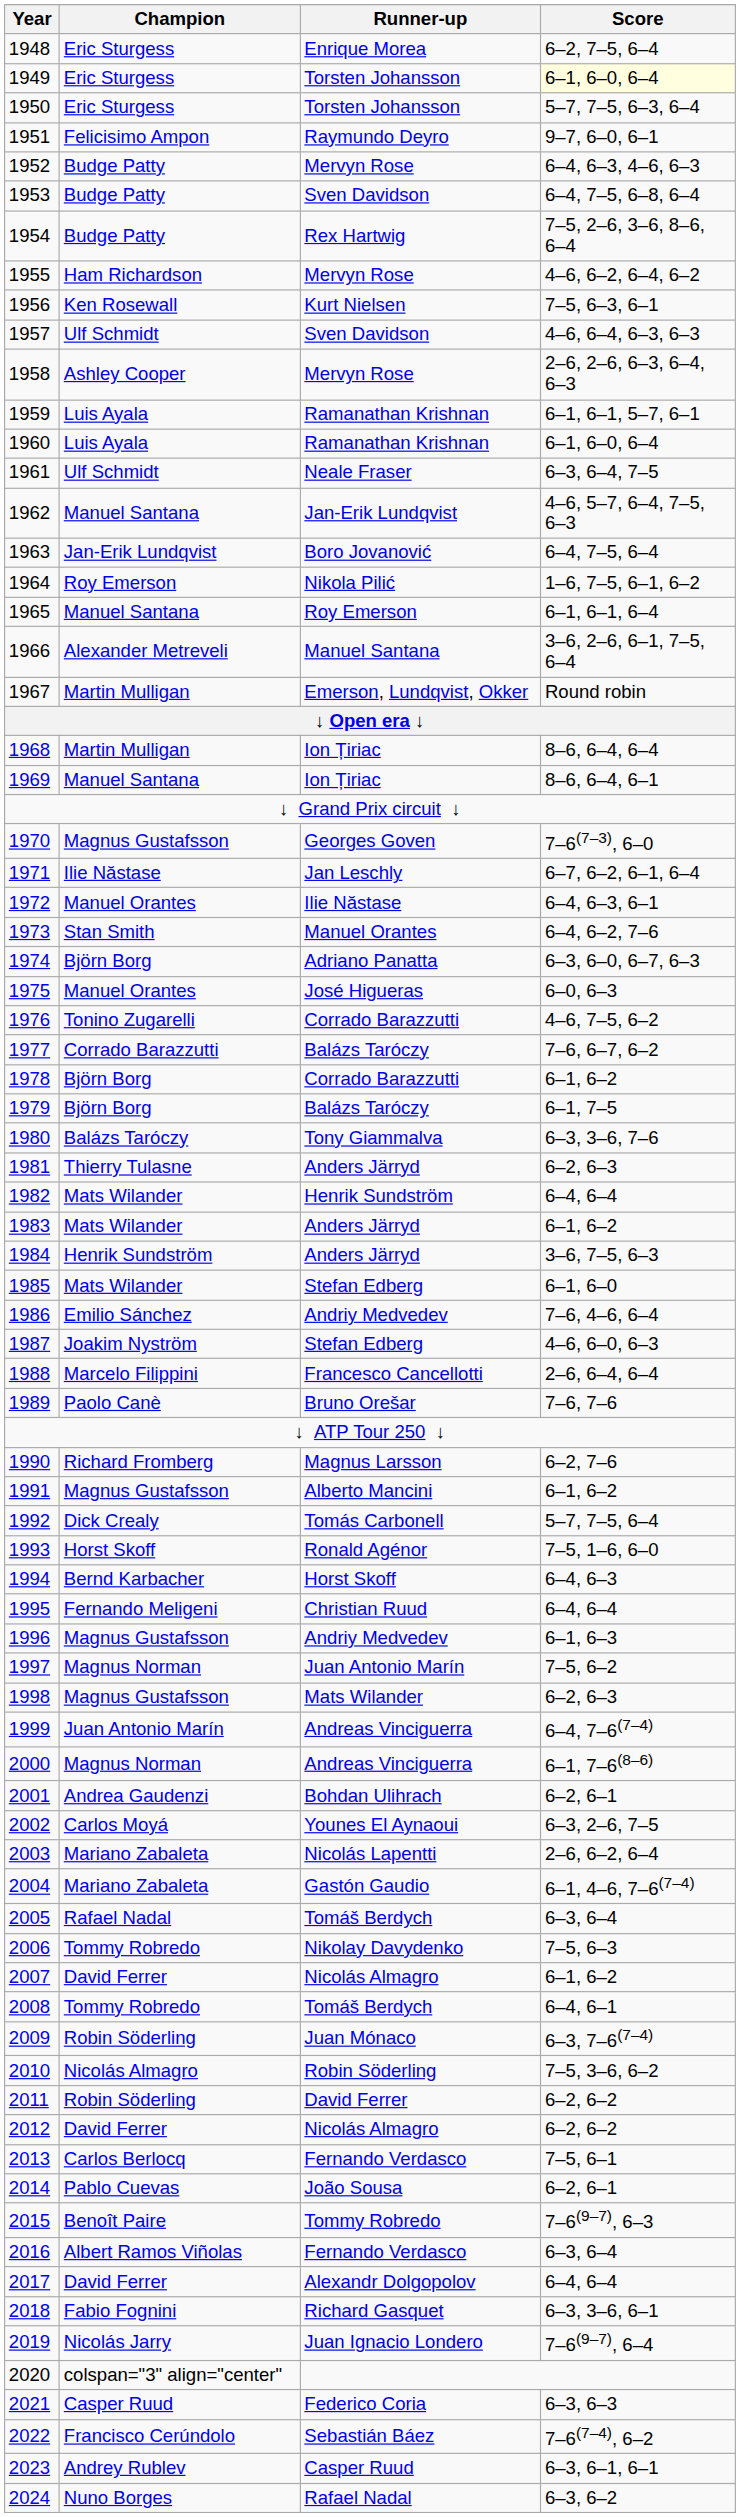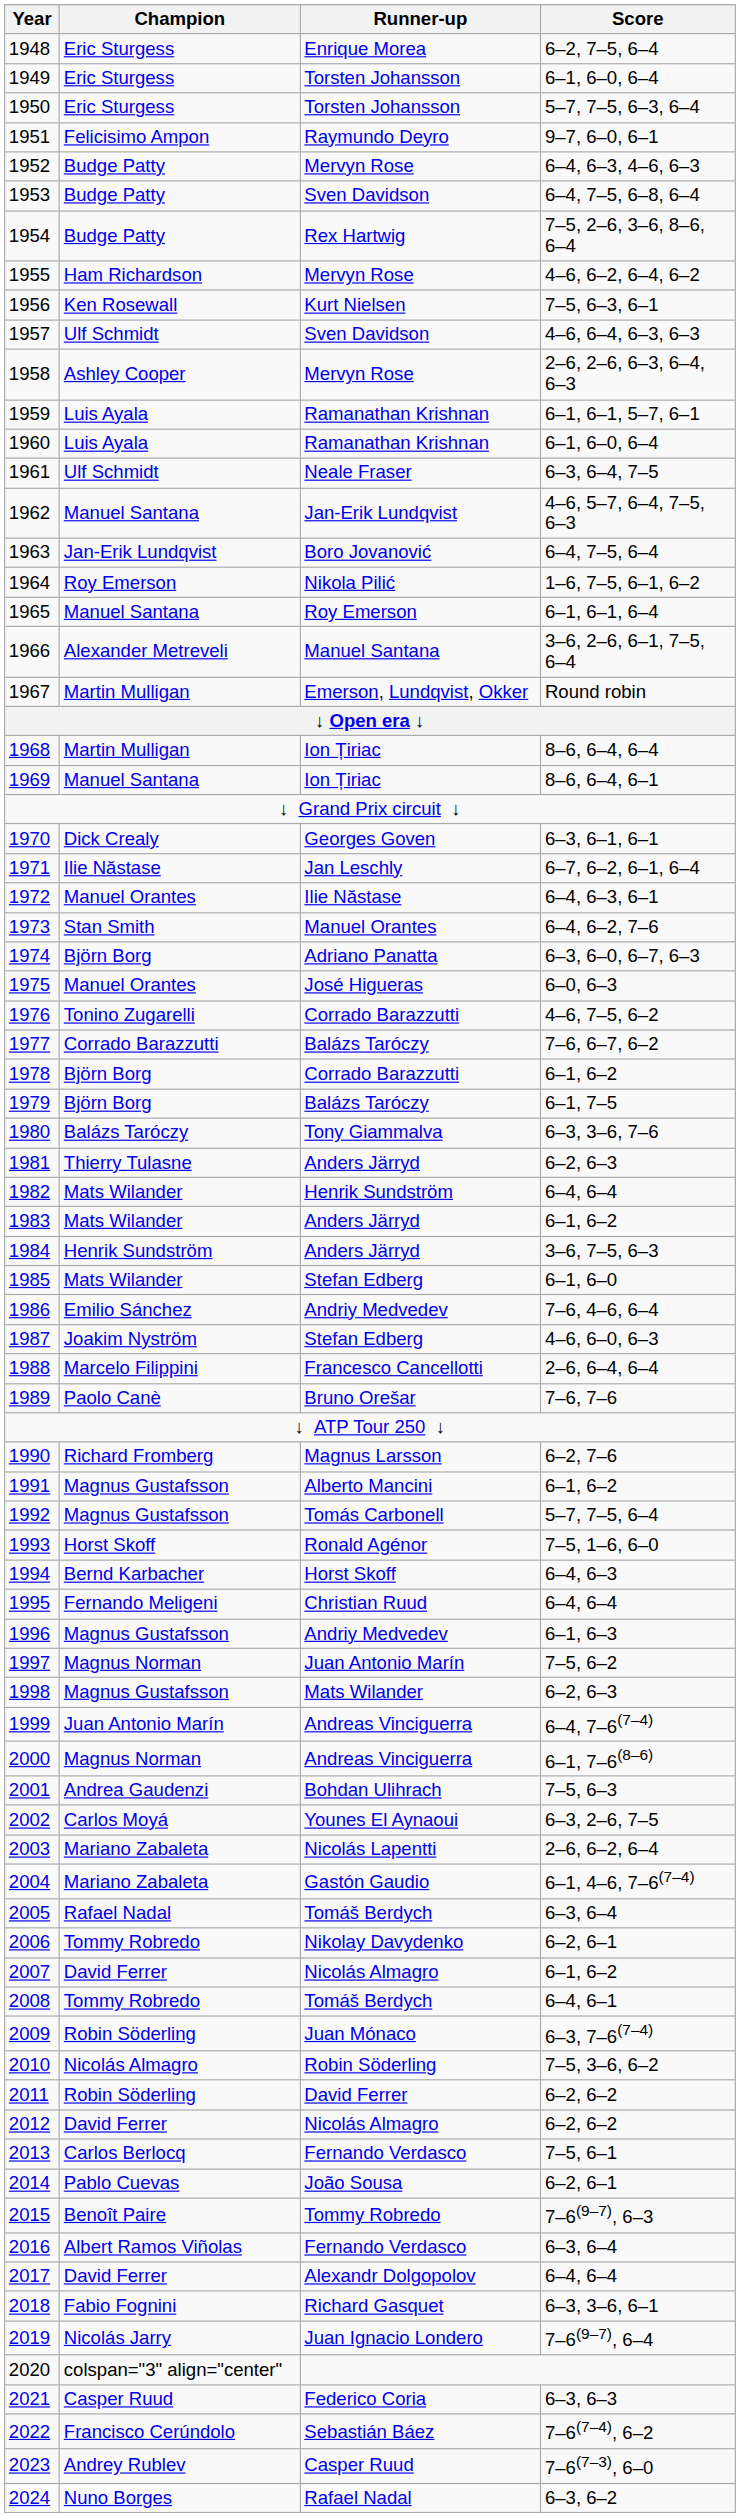 <table class="wikitable">
 <tr>
 </tr>
 <tr>
 <th style="width:40px">Year</th>
 <th style="width:200px">Champion</th>
 <th style="width:200px">Runner-up</th>
 <th style="width:160px" class="unsortable">Score</th>
 </tr>
 <tr>
 <td>1948</td>
 <td> <a href='#'>Eric Sturgess</a></td>
 <td> <a href='#'>Enrique Morea</a></td>
 <td>6–2, 7–5, 6–4</td>
 </tr>
 <tr>
 <td>1949</td>
 <td> <a href='#'>Eric Sturgess</a></td>
 <td> <a href='#'>Torsten Johansson</a></td>
-<td style="background: lightyellow;">6–1, 6–0, 6–4</td>
+<td>6–1, 6–0, 6–4</td>
 </tr>
 <tr>
 <td>1950</td>
 <td> <a href='#'>Eric Sturgess</a></td>
 <td> <a href='#'>Torsten Johansson</a></td>
 <td>5–7, 7–5, 6–3, 6–4</td>
 </tr>
 <tr>
 <td>1951</td>
 <td> <a href='#'>Felicisimo Ampon</a></td>
 <td> <a href='#'>Raymundo Deyro</a></td>
 <td>9–7, 6–0, 6–1</td>
 </tr>
 <tr>
 <td>1952</td>
 <td> <a href='#'>Budge Patty</a></td>
 <td> <a href='#'>Mervyn Rose</a></td>
 <td>6–4, 6–3, 4–6, 6–3</td>
 </tr>
 <tr>
 <td>1953</td>
 <td> <a href='#'>Budge Patty</a></td>
 <td> <a href='#'>Sven Davidson</a></td>
 <td>6–4, 7–5, 6–8, 6–4</td>
 </tr>
 <tr>
 <td>1954</td>
 <td> <a href='#'>Budge Patty</a></td>
 <td> <a href='#'>Rex Hartwig</a></td>
 <td>7–5, 2–6, 3–6, 8–6, 6–4</td>
 </tr>
 <tr>
 <td>1955</td>
 <td> <a href='#'>Ham Richardson</a></td>
 <td> <a href='#'>Mervyn Rose</a></td>
 <td>4–6, 6–2, 6–4, 6–2</td>
 </tr>
 <tr>
 <td>1956</td>
 <td> <a href='#'>Ken Rosewall</a></td>
 <td> <a href='#'>Kurt Nielsen</a></td>
 <td>7–5, 6–3, 6–1</td>
 </tr>
 <tr>
 <td>1957</td>
 <td> <a href='#'>Ulf Schmidt</a></td>
 <td> <a href='#'>Sven Davidson</a></td>
 <td>4–6, 6–4, 6–3, 6–3</td>
 </tr>
 <tr>
 <td>1958</td>
 <td> <a href='#'>Ashley Cooper</a></td>
 <td> <a href='#'>Mervyn Rose</a></td>
 <td>2–6, 2–6, 6–3, 6–4, 6–3</td>
 </tr>
 <tr>
 <td>1959</td>
 <td> <a href='#'>Luis Ayala</a></td>
 <td> <a href='#'>Ramanathan Krishnan</a></td>
 <td>6–1, 6–1, 5–7, 6–1</td>
 </tr>
 <tr>
 <td>1960</td>
 <td> <a href='#'>Luis Ayala</a></td>
 <td> <a href='#'>Ramanathan Krishnan</a></td>
 <td>6–1, 6–0, 6–4</td>
 </tr>
 <tr>
 <td>1961</td>
 <td> <a href='#'>Ulf Schmidt</a></td>
 <td> <a href='#'>Neale Fraser</a></td>
 <td>6–3, 6–4, 7–5</td>
 </tr>
 <tr>
 <td>1962</td>
 <td> <a href='#'>Manuel Santana</a></td>
 <td> <a href='#'>Jan-Erik Lundqvist</a></td>
 <td>4–6, 5–7, 6–4, 7–5, 6–3</td>
 </tr>
 <tr>
 <td>1963</td>
 <td> <a href='#'>Jan-Erik Lundqvist</a></td>
 <td> <a href='#'>Boro Jovanović</a></td>
 <td>6–4, 7–5, 6–4</td>
 </tr>
 <tr>
 <td>1964</td>
 <td> <a href='#'>Roy Emerson</a></td>
 <td> <a href='#'>Nikola Pilić</a></td>
 <td>1–6, 7–5, 6–1, 6–2</td>
 </tr>
 <tr>
 <td>1965</td>
 <td> <a href='#'>Manuel Santana</a></td>
 <td> <a href='#'>Roy Emerson</a></td>
 <td>6–1, 6–1, 6–4</td>
 </tr>
 <tr>
 <td>1966</td>
 <td> <a href='#'>Alexander Metreveli</a></td>
 <td> <a href='#'>Manuel Santana</a></td>
 <td>3–6, 2–6, 6–1, 7–5, 6–4</td>
 </tr>
 <tr>
 <td>1967</td>
 <td> <a href='#'>Martin Mulligan</a></td>
 <td><a href='#'>Emerson</a>, <a href='#'>Lundqvist</a>, <a href='#'>Okker</a></td>
 <td>Round robin</td>
 </tr>
 <tr>
 <th colspan=5 align=center>↓  <a href='#'>Open era</a>  ↓</th>
 </tr>
 <tr>
 <td><a href='#'>1968</a></td>
 <td> <a href='#'>Martin Mulligan</a></td>
 <td> <a href='#'>Ion Țiriac</a></td>
 <td>8–6, 6–4, 6–4</td>
 </tr>
 <tr>
 <td><a href='#'>1969</a></td>
 <td> <a href='#'>Manuel Santana</a></td>
 <td> <a href='#'>Ion Țiriac</a></td>
 <td>8–6, 6–4, 6–1</td>
 </tr>
 <tr>
 <td colspan=5 align=center>↓  <a href='#'>Grand Prix circuit</a>  ↓</td>
 </tr>
 <tr>
 <td><a href='#'>1970</a></td>
-<td> <a href='#'>Magnus Gustafsson</a></td>
+<td> <a href='#'>Dick Crealy</a></td>
 <td> <a href='#'>Georges Goven</a></td>
-<td>7–6<sup>(7–3)</sup>, 6–0</td>
+<td>6–3, 6–1, 6–1</td>
 </tr>
 <tr>
 <td><a href='#'>1971</a></td>
 <td> <a href='#'>Ilie Năstase</a></td>
 <td> <a href='#'>Jan Leschly</a></td>
 <td>6–7, 6–2, 6–1, 6–4</td>
 </tr>
 <tr>
 <td><a href='#'>1972</a></td>
 <td> <a href='#'>Manuel Orantes</a></td>
 <td> <a href='#'>Ilie Năstase</a></td>
 <td>6–4, 6–3, 6–1</td>
 </tr>
 <tr>
 <td><a href='#'>1973</a></td>
 <td> <a href='#'>Stan Smith</a></td>
 <td> <a href='#'>Manuel Orantes</a></td>
 <td>6–4, 6–2, 7–6</td>
 </tr>
 <tr>
 <td><a href='#'>1974</a></td>
 <td> <a href='#'>Björn Borg</a></td>
 <td> <a href='#'>Adriano Panatta</a></td>
 <td>6–3, 6–0, 6–7, 6–3</td>
 </tr>
 <tr>
 <td><a href='#'>1975</a></td>
 <td> <a href='#'>Manuel Orantes</a></td>
 <td> <a href='#'>José Higueras</a></td>
 <td>6–0, 6–3</td>
 </tr>
 <tr>
 <td><a href='#'>1976</a></td>
 <td> <a href='#'>Tonino Zugarelli</a></td>
 <td> <a href='#'>Corrado Barazzutti</a></td>
 <td>4–6, 7–5, 6–2</td>
 </tr>
 <tr>
 <td><a href='#'>1977</a></td>
 <td> <a href='#'>Corrado Barazzutti</a></td>
 <td> <a href='#'>Balázs Taróczy</a></td>
 <td>7–6, 6–7, 6–2</td>
 </tr>
 <tr>
 <td><a href='#'>1978</a></td>
 <td> <a href='#'>Björn Borg</a></td>
 <td> <a href='#'>Corrado Barazzutti</a></td>
 <td>6–1, 6–2</td>
 </tr>
 <tr>
 <td><a href='#'>1979</a></td>
 <td> <a href='#'>Björn Borg</a></td>
 <td> <a href='#'>Balázs Taróczy</a></td>
 <td>6–1, 7–5</td>
 </tr>
 <tr>
 <td><a href='#'>1980</a></td>
 <td> <a href='#'>Balázs Taróczy</a></td>
 <td> <a href='#'>Tony Giammalva</a></td>
 <td>6–3, 3–6, 7–6</td>
 </tr>
 <tr>
 <td><a href='#'>1981</a></td>
 <td> <a href='#'>Thierry Tulasne</a></td>
 <td> <a href='#'>Anders Järryd</a></td>
 <td>6–2, 6–3</td>
 </tr>
 <tr>
 <td><a href='#'>1982</a></td>
 <td> <a href='#'>Mats Wilander</a></td>
 <td> <a href='#'>Henrik Sundström</a></td>
 <td>6–4, 6–4</td>
 </tr>
 <tr>
 <td><a href='#'>1983</a></td>
 <td> <a href='#'>Mats Wilander</a></td>
 <td> <a href='#'>Anders Järryd</a></td>
 <td>6–1, 6–2</td>
 </tr>
 <tr>
 <td><a href='#'>1984</a></td>
 <td> <a href='#'>Henrik Sundström</a></td>
 <td> <a href='#'>Anders Järryd</a></td>
 <td>3–6, 7–5, 6–3</td>
 </tr>
 <tr>
 <td><a href='#'>1985</a></td>
 <td> <a href='#'>Mats Wilander</a></td>
 <td> <a href='#'>Stefan Edberg</a></td>
 <td>6–1, 6–0</td>
 </tr>
 <tr>
 <td><a href='#'>1986</a></td>
 <td> <a href='#'>Emilio Sánchez</a></td>
 <td> <a href='#'>Andriy Medvedev</a></td>
 <td>7–6, 4–6, 6–4</td>
 </tr>
 <tr>
 <td><a href='#'>1987</a></td>
 <td> <a href='#'>Joakim Nyström</a></td>
 <td> <a href='#'>Stefan Edberg</a></td>
 <td>4–6, 6–0, 6–3</td>
 </tr>
 <tr>
 <td><a href='#'>1988</a></td>
 <td> <a href='#'>Marcelo Filippini</a></td>
 <td> <a href='#'>Francesco Cancellotti</a></td>
 <td>2–6, 6–4, 6–4</td>
 </tr>
 <tr>
 <td><a href='#'>1989</a></td>
 <td> <a href='#'>Paolo Canè</a></td>
 <td> <a href='#'>Bruno Orešar</a></td>
 <td>7–6, 7–6</td>
 </tr>
 <tr>
 <td colspan=4 align=center>↓  <a href='#'>ATP Tour 250</a>  ↓</td>
 </tr>
 <tr>
 <td><a href='#'>1990</a></td>
 <td> <a href='#'>Richard Fromberg</a></td>
 <td> <a href='#'>Magnus Larsson</a></td>
 <td>6–2, 7–6</td>
 </tr>
 <tr>
 <td><a href='#'>1991</a></td>
 <td> <a href='#'>Magnus Gustafsson</a></td>
 <td> <a href='#'>Alberto Mancini</a></td>
 <td>6–1, 6–2</td>
 </tr>
 <tr>
 <td><a href='#'>1992</a></td>
-<td> <a href='#'>Dick Crealy</a></td>
+<td> <a href='#'>Magnus Gustafsson</a></td>
 <td> <a href='#'>Tomás Carbonell</a></td>
 <td>5–7, 7–5, 6–4</td>
 </tr>
 <tr>
 <td><a href='#'>1993</a></td>
 <td> <a href='#'>Horst Skoff</a></td>
 <td> <a href='#'>Ronald Agénor</a></td>
 <td>7–5, 1–6, 6–0</td>
 </tr>
 <tr>
 <td><a href='#'>1994</a></td>
 <td> <a href='#'>Bernd Karbacher</a></td>
 <td> <a href='#'>Horst Skoff</a></td>
 <td>6–4, 6–3</td>
 </tr>
 <tr>
 <td><a href='#'>1995</a></td>
 <td> <a href='#'>Fernando Meligeni</a></td>
 <td> <a href='#'>Christian Ruud</a></td>
 <td>6–4, 6–4</td>
 </tr>
 <tr>
 <td><a href='#'>1996</a></td>
 <td> <a href='#'>Magnus Gustafsson</a></td>
 <td> <a href='#'>Andriy Medvedev</a></td>
 <td>6–1, 6–3</td>
 </tr>
 <tr>
 <td><a href='#'>1997</a></td>
 <td> <a href='#'>Magnus Norman</a></td>
 <td> <a href='#'>Juan Antonio Marín</a></td>
 <td>7–5, 6–2</td>
 </tr>
 <tr>
 <td><a href='#'>1998</a></td>
 <td> <a href='#'>Magnus Gustafsson</a></td>
 <td> <a href='#'>Mats Wilander</a></td>
 <td>6–2, 6–3</td>
 </tr>
 <tr>
 <td><a href='#'>1999</a></td>
 <td> <a href='#'>Juan Antonio Marín</a></td>
 <td> <a href='#'>Andreas Vinciguerra</a></td>
 <td>6–4, 7–6<sup>(7–4)</sup></td>
 </tr>
 <tr>
 <td><a href='#'>2000</a></td>
 <td> <a href='#'>Magnus Norman</a></td>
 <td> <a href='#'>Andreas Vinciguerra</a></td>
 <td>6–1, 7–6<sup>(8–6)</sup></td>
 </tr>
 <tr>
 <td><a href='#'>2001</a></td>
 <td> <a href='#'>Andrea Gaudenzi</a></td>
 <td> <a href='#'>Bohdan Ulihrach</a></td>
-<td>6–2, 6–1</td>
+<td>7–5, 6–3</td>
 </tr>
 <tr>
 <td><a href='#'>2002</a></td>
 <td> <a href='#'>Carlos Moyá</a></td>
 <td> <a href='#'>Younes El Aynaoui</a></td>
 <td>6–3, 2–6, 7–5</td>
 </tr>
 <tr>
 <td><a href='#'>2003</a></td>
 <td> <a href='#'>Mariano Zabaleta</a></td>
 <td> <a href='#'>Nicolás Lapentti</a></td>
 <td>2–6, 6–2, 6–4</td>
 </tr>
 <tr>
 <td><a href='#'>2004</a></td>
 <td> <a href='#'>Mariano Zabaleta</a></td>
 <td> <a href='#'>Gastón Gaudio</a></td>
 <td>6–1, 4–6, 7–6<sup>(7–4)</sup></td>
 </tr>
 <tr>
 <td><a href='#'>2005</a></td>
 <td> <a href='#'>Rafael Nadal</a></td>
 <td> <a href='#'>Tomáš Berdych</a></td>
 <td>6–3, 6–4</td>
 </tr>
 <tr>
 <td><a href='#'>2006</a></td>
 <td> <a href='#'>Tommy Robredo</a></td>
 <td> <a href='#'>Nikolay Davydenko</a></td>
-<td>7–5, 6–3</td>
+<td>6–2, 6–1</td>
 </tr>
 <tr>
 <td><a href='#'>2007</a></td>
 <td> <a href='#'>David Ferrer</a></td>
 <td> <a href='#'>Nicolás Almagro</a></td>
 <td>6–1, 6–2</td>
 </tr>
 <tr>
 <td><a href='#'>2008</a></td>
 <td> <a href='#'>Tommy Robredo</a></td>
 <td> <a href='#'>Tomáš Berdych</a></td>
 <td>6–4, 6–1</td>
 </tr>
 <tr>
 <td><a href='#'>2009</a></td>
 <td> <a href='#'>Robin Söderling</a></td>
 <td> <a href='#'>Juan Mónaco</a></td>
 <td>6–3, 7–6<sup>(7–4)</sup></td>
 </tr>
 <tr>
 <td><a href='#'>2010</a></td>
 <td> <a href='#'>Nicolás Almagro</a></td>
 <td> <a href='#'>Robin Söderling</a></td>
 <td>7–5, 3–6, 6–2</td>
 </tr>
 <tr>
 <td><a href='#'>2011</a></td>
 <td> <a href='#'>Robin Söderling</a></td>
 <td> <a href='#'>David Ferrer</a></td>
 <td>6–2, 6–2</td>
 </tr>
 <tr>
 <td><a href='#'>2012</a></td>
 <td> <a href='#'>David Ferrer</a></td>
 <td> <a href='#'>Nicolás Almagro</a></td>
 <td>6–2, 6–2</td>
 </tr>
 <tr>
 <td><a href='#'>2013</a></td>
 <td> <a href='#'>Carlos Berlocq</a></td>
 <td> <a href='#'>Fernando Verdasco</a></td>
 <td>7–5, 6–1</td>
 </tr>
 <tr>
 <td><a href='#'>2014</a></td>
 <td> <a href='#'>Pablo Cuevas</a></td>
 <td> <a href='#'>João Sousa</a></td>
 <td>6–2, 6–1</td>
 </tr>
 <tr>
 <td><a href='#'>2015</a></td>
 <td> <a href='#'>Benoît Paire</a></td>
 <td> <a href='#'>Tommy Robredo</a></td>
 <td>7–6<sup>(9–7)</sup>, 6–3</td>
 </tr>
 <tr>
 <td><a href='#'>2016</a></td>
 <td> <a href='#'>Albert Ramos Viñolas</a></td>
 <td> <a href='#'>Fernando Verdasco</a></td>
 <td>6–3, 6–4</td>
 </tr>
 <tr>
 <td><a href='#'>2017</a></td>
 <td> <a href='#'>David Ferrer</a></td>
 <td> <a href='#'>Alexandr Dolgopolov</a></td>
 <td>6–4, 6–4</td>
 </tr>
 <tr>
 <td><a href='#'>2018</a></td>
 <td> <a href='#'>Fabio Fognini</a></td>
 <td> <a href='#'>Richard Gasquet</a></td>
 <td>6–3, 3–6, 6–1</td>
 </tr>
 <tr>
 <td><a href='#'>2019</a></td>
 <td> <a href='#'>Nicolás Jarry</a></td>
 <td> <a href='#'>Juan Ignacio Londero</a></td>
 <td>7–6<sup>(9–7)</sup>, 6–4</td>
 </tr>
 <tr>
 <td>2020</td>
 <td>colspan="3" align="center" </td>
 </tr>
 <tr>
 <td><a href='#'>2021</a></td>
 <td> <a href='#'>Casper Ruud</a></td>
 <td> <a href='#'>Federico Coria</a></td>
 <td>6–3, 6–3</td>
 </tr>
 <tr>
 <td><a href='#'>2022</a></td>
 <td> <a href='#'>Francisco Cerúndolo</a></td>
 <td> <a href='#'>Sebastián Báez</a></td>
 <td>7–6<sup>(7–4)</sup>, 6–2</td>
 </tr>
 <tr>
 <td><a href='#'>2023</a></td>
 <td> <a href='#'>Andrey Rublev</a></td>
 <td> <a href='#'>Casper Ruud</a></td>
-<td>6–3, 6–1, 6–1</td>
+<td>7–6<sup>(7–3)</sup>, 6–0</td>
 </tr>
 <tr>
 <td><a href='#'>2024</a></td>
 <td> <a href='#'>Nuno Borges</a></td>
 <td> <a href='#'>Rafael Nadal</a></td>
 <td>6–3, 6–2</td>
 </tr>
 </table>
